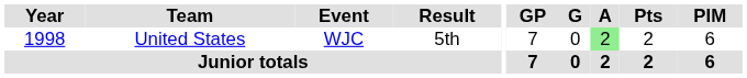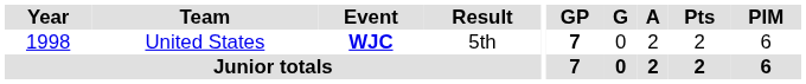 <table border="0" cellpadding="1" cellspacing="0" ID="Table3" style="text-align:center; width:40em">
 <tr ALIGN="center" bgcolor="#e0e0e0">
 <th>Year</th>
 <th>Team</th>
 <th>Event</th>
 <th>Result</th>
 <th rowspan="99" bgcolor="#ffffff"></th>
 <th>GP</th>
 <th>G</th>
 <th>A</th>
 <th>Pts</th>
 <th>PIM</th>
 </tr>
 <tr>
 <td><a href='#'>1998</a></td>
 <td><a href='#'>United States</a></td>
-<td><a href='#'>WJC</a></td>
+<td><strong><a href='#'>WJC</a></strong></td>
 <td>5th</td>
-<td>7</td>
+<td><strong>7</strong></td>
 <td>0</td>
-<td style="background: lightgreen;">2</td>
+<td>2</td>
 <td>2</td>
 <td>6</td>
 </tr>
 <tr bgcolor="#e0e0e0">
 <th colspan="4">Junior totals</th>
 <th>7</th>
 <th>0</th>
 <th>2</th>
 <th>2</th>
 <th>6</th>
 </tr>
 </table>
